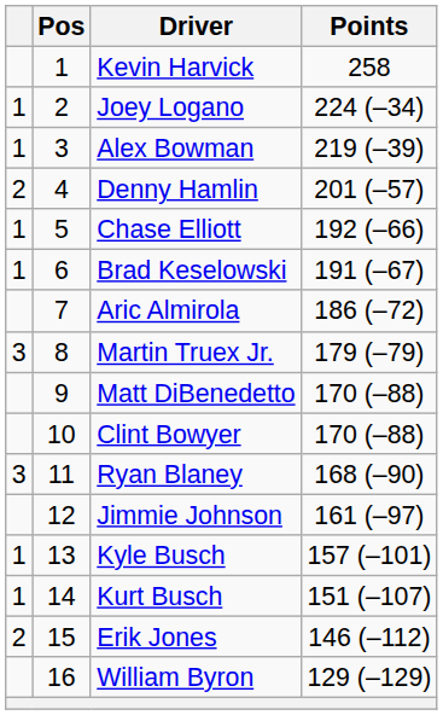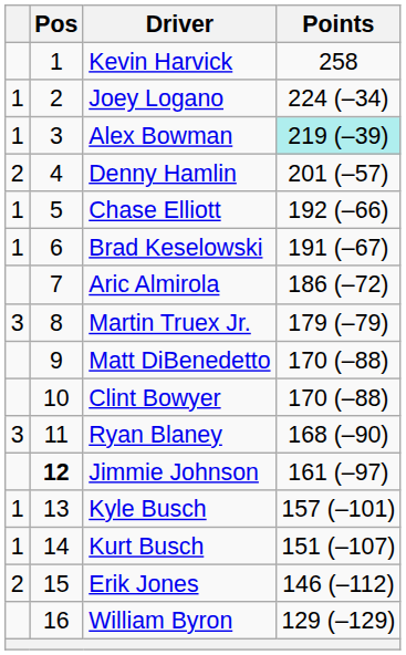 <table class="wikitable" style="font-size: 95%">
 <tr>
 <th></th>
 <th>Pos</th>
 <th>Driver</th>
 <th>Points</th>
 </tr>
 <tr>
 <td align="left"></td>
 <td style="text-align:center;">1</td>
 <td><a href='#'>Kevin Harvick</a></td>
 <td style="text-align:center;">258</td>
 </tr>
 <tr>
 <td align="left"> 1</td>
 <td style="text-align:center;">2</td>
 <td><a href='#'>Joey Logano</a></td>
 <td style="text-align:center;">224 (–34)</td>
 </tr>
 <tr>
 <td align="left"> 1</td>
 <td style="text-align:center;">3</td>
 <td><a href='#'>Alex Bowman</a></td>
-<td style="text-align:center;">219 (–39)</td>
+<td style="background: paleturquoise; text-align:center;">219 (–39)</td>
 </tr>
 <tr>
 <td align="left"> 2</td>
 <td style="text-align:center;">4</td>
 <td><a href='#'>Denny Hamlin</a></td>
 <td style="text-align:center;">201 (–57)</td>
 </tr>
 <tr>
 <td align="left"> 1</td>
 <td style="text-align:center;">5</td>
 <td><a href='#'>Chase Elliott</a></td>
 <td style="text-align:center;">192 (–66)</td>
 </tr>
 <tr>
 <td align="left"> 1</td>
 <td style="text-align:center;">6</td>
 <td><a href='#'>Brad Keselowski</a></td>
 <td style="text-align:center;">191 (–67)</td>
 </tr>
 <tr>
 <td align="left"></td>
 <td style="text-align:center;">7</td>
 <td><a href='#'>Aric Almirola</a></td>
 <td style="text-align:center;">186 (–72)</td>
 </tr>
 <tr>
 <td align="left"> 3</td>
 <td style="text-align:center;">8</td>
 <td><a href='#'>Martin Truex Jr.</a></td>
 <td style="text-align:center;">179 (–79)</td>
 </tr>
 <tr>
 <td align="left"></td>
 <td style="text-align:center;">9</td>
 <td><a href='#'>Matt DiBenedetto</a></td>
 <td style="text-align:center;">170 (–88)</td>
 </tr>
 <tr>
 <td align="left"></td>
 <td style="text-align:center;">10</td>
 <td><a href='#'>Clint Bowyer</a></td>
 <td style="text-align:center;">170 (–88)</td>
 </tr>
 <tr>
 <td align="left"> 3</td>
 <td style="text-align:center;">11</td>
 <td><a href='#'>Ryan Blaney</a></td>
 <td style="text-align:center;">168 (–90)</td>
 </tr>
 <tr>
 <td align="left"></td>
-<td style="text-align:center;">12</td>
+<td style="text-align:center;"><strong>12</strong></td>
 <td><a href='#'>Jimmie Johnson</a></td>
 <td style="text-align:center;">161 (–97)</td>
 </tr>
 <tr>
 <td align="left"> 1</td>
 <td style="text-align:center;">13</td>
 <td><a href='#'>Kyle Busch</a></td>
 <td style="text-align:center;">157 (–101)</td>
 </tr>
 <tr>
 <td align="left"> 1</td>
 <td style="text-align:center;">14</td>
 <td><a href='#'>Kurt Busch</a></td>
 <td style="text-align:center;">151 (–107)</td>
 </tr>
 <tr>
 <td align="left"> 2</td>
 <td style="text-align:center;">15</td>
 <td><a href='#'>Erik Jones</a></td>
 <td style="text-align:center;">146 (–112)</td>
 </tr>
 <tr>
 <td align="left"></td>
 <td style="text-align:center;">16</td>
 <td><a href='#'>William Byron</a></td>
 <td style="text-align:center;">129 (–129)</td>
 </tr>
 <tr class="sortbottom">
 <th colspan="9"></th>
 </tr>
 </table>
